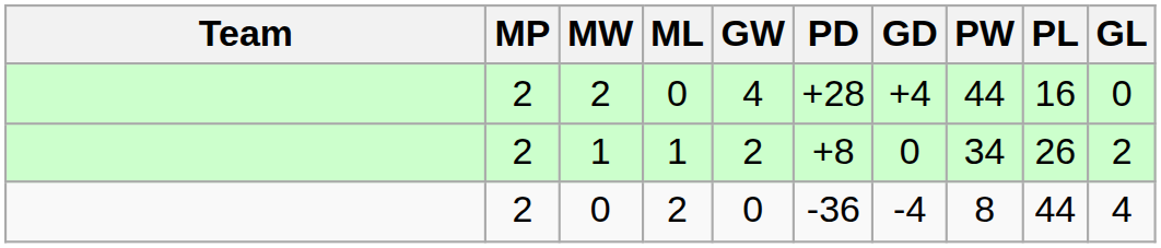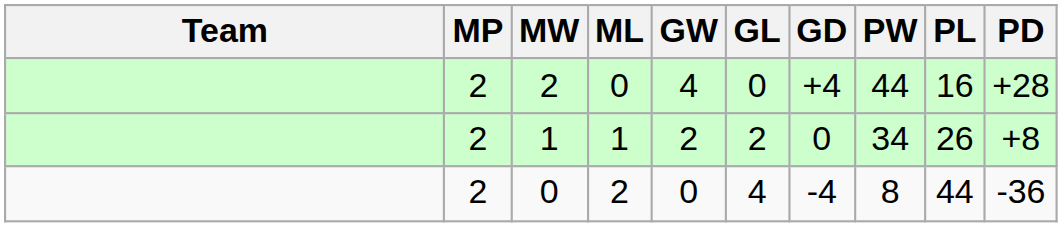 <table class=wikitable style="text-align:center">
 <tr>
 <th width=200>Team</th>
 <th width=20>MP</th>
 <th width=20>MW</th>
 <th width=20>ML</th>
 <th width=20>GW</th>
-<th width=20>PD</th>
+<th width=20>GL</th>
 <th width=20>GD</th>
 <th width=20>PW</th>
 <th width=20>PL</th>
-<th width=20>GL</th>
+<th width=20>PD</th>
 </tr>
 <tr style="background:#cfc;">
 <td align=left><br></td>
 <td>2</td>
 <td>2</td>
 <td>0</td>
 <td>4</td>
-<td>+28</td>
+<td>0</td>
 <td>+4</td>
 <td>44</td>
 <td>16</td>
-<td>0</td>
+<td>+28</td>
 </tr>
 <tr style="background:#cfc;">
 <td align=left><br></td>
 <td>2</td>
 <td>1</td>
 <td>1</td>
 <td>2</td>
-<td>+8</td>
+<td>2</td>
 <td>0</td>
 <td>34</td>
 <td>26</td>
-<td>2</td>
+<td>+8</td>
 </tr>
 <tr>
 <td align=left><br></td>
 <td>2</td>
 <td>0</td>
 <td>2</td>
 <td>0</td>
-<td>-36</td>
+<td>4</td>
 <td>-4</td>
 <td>8</td>
 <td>44</td>
-<td>4</td>
+<td>-36</td>
 </tr>
 </table>
